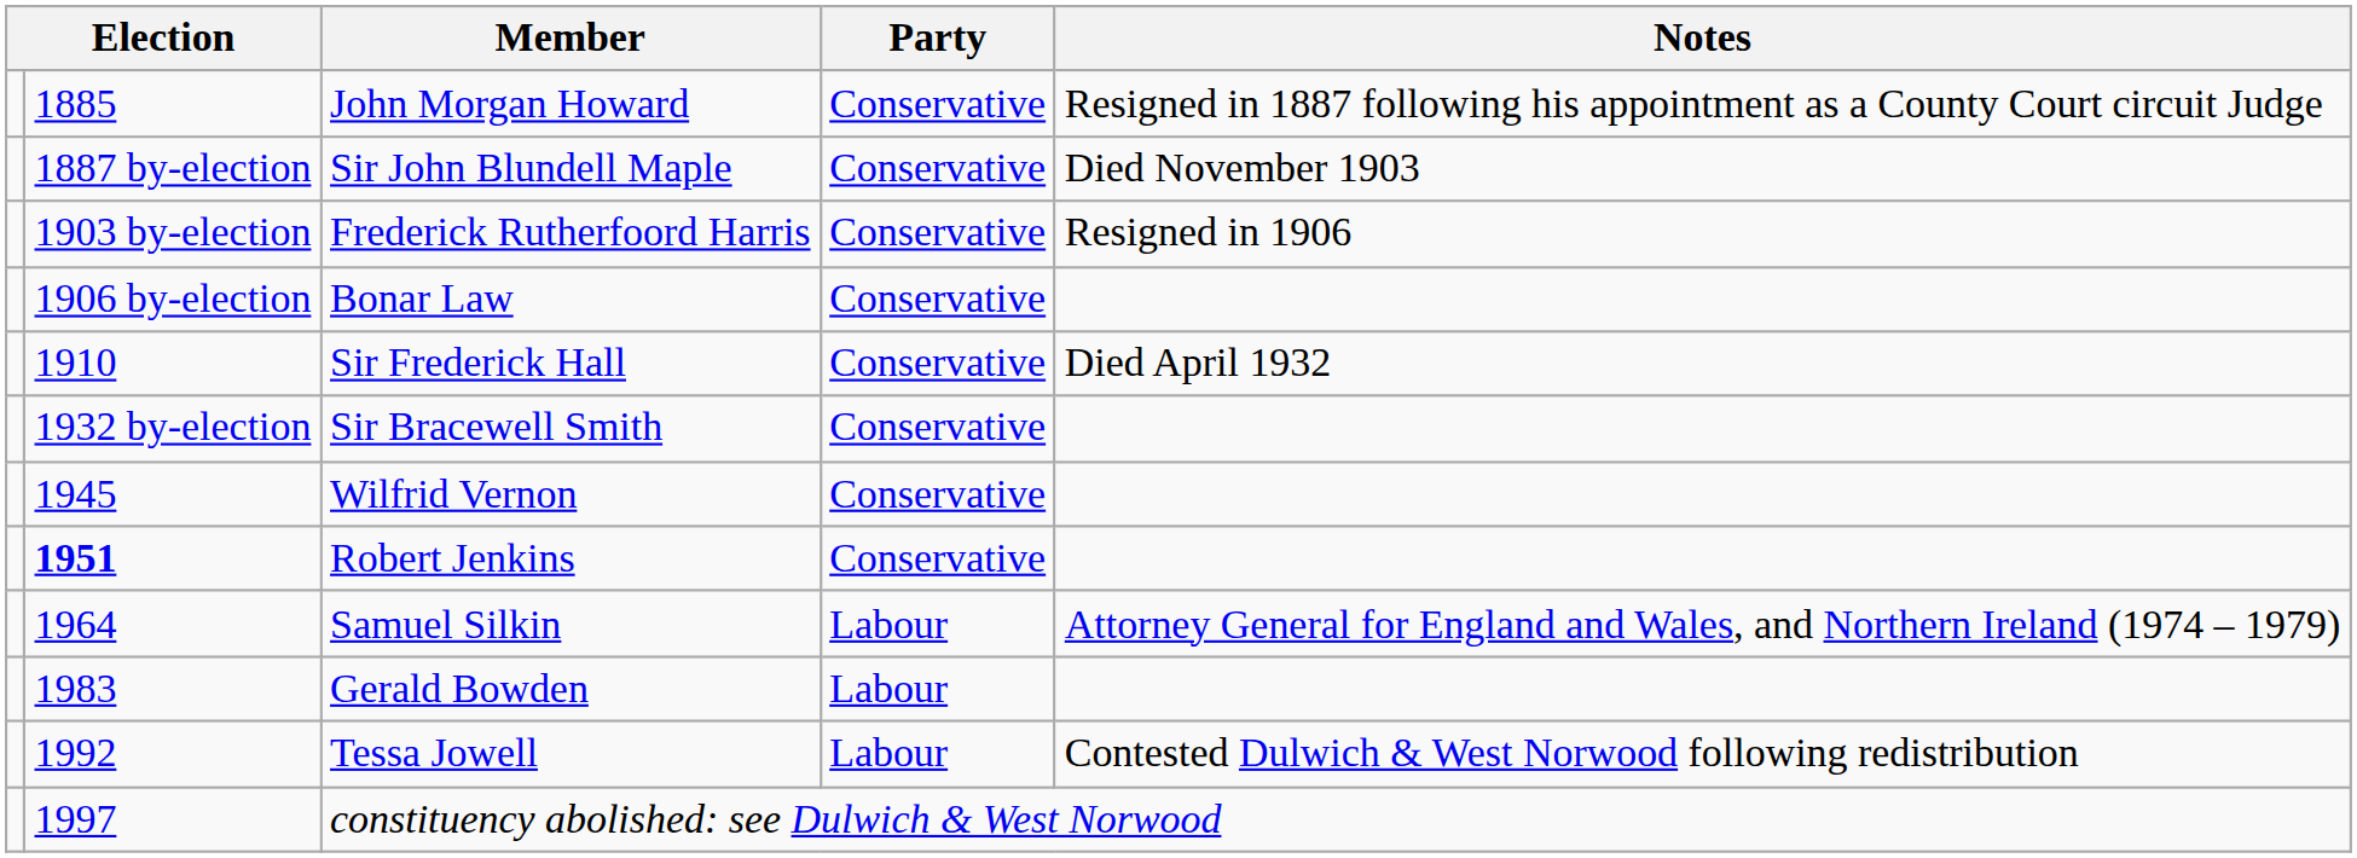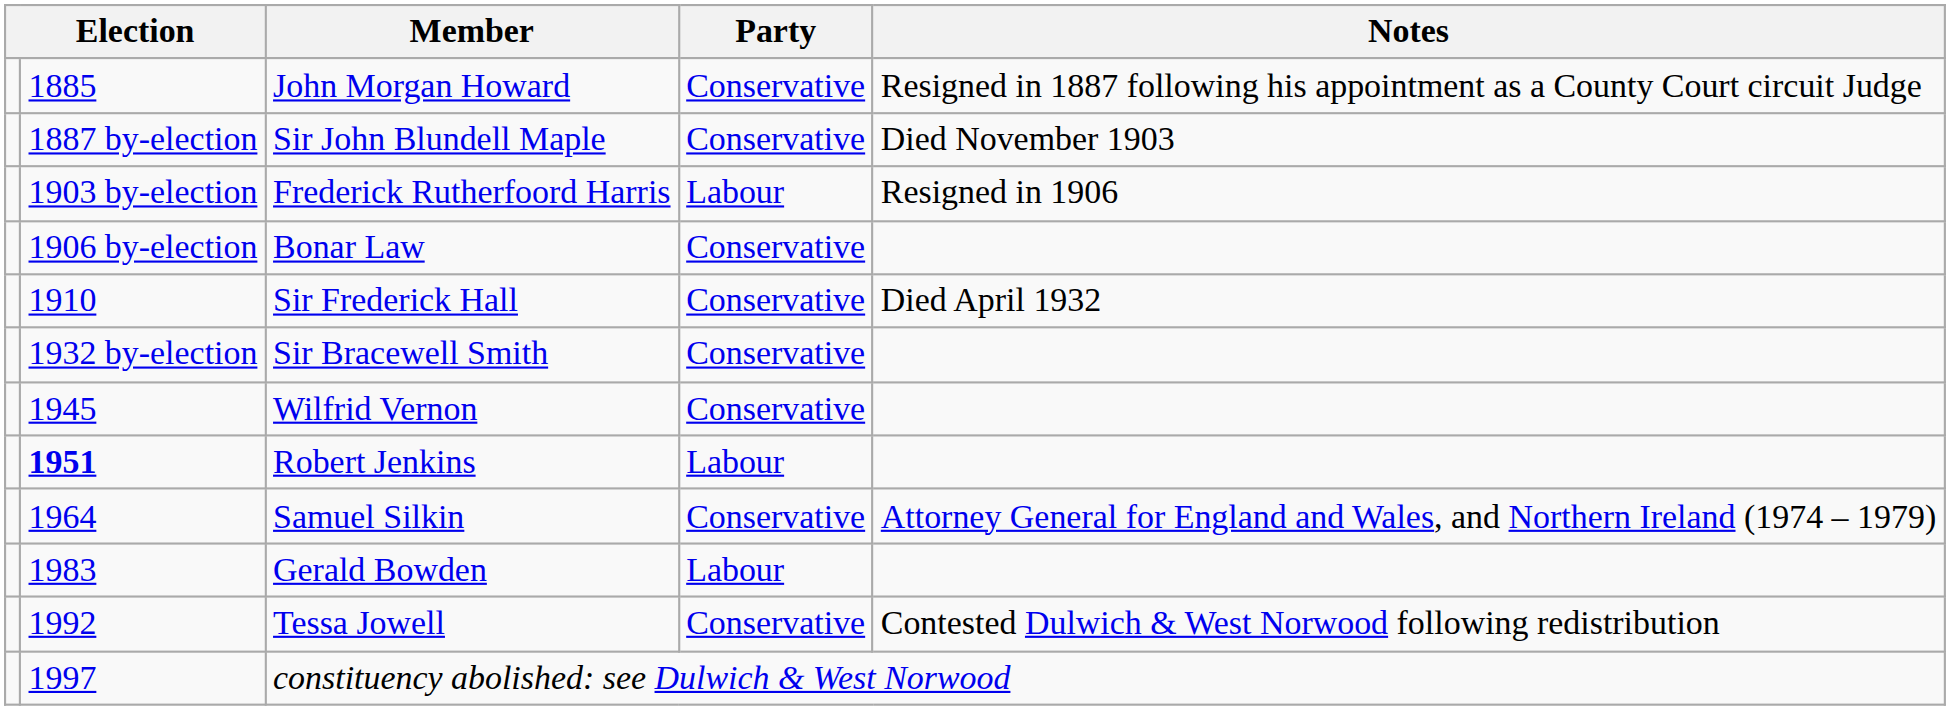 <table class="wikitable">
 <tr>
 <th colspan="2">Election</th>
 <th>Member</th>
 <th>Party</th>
 <th>Notes</th>
 </tr>
 <tr>
 <td style="color:inherit;background-color: "></td>
 <td><a href='#'>1885</a></td>
 <td><a href='#'>John Morgan Howard</a></td>
 <td><a href='#'>Conservative</a></td>
 <td>Resigned in 1887 following his appointment as a County Court circuit Judge</td>
 </tr>
 <tr>
 <td style="color:inherit;background-color: "></td>
 <td><a href='#'>1887 by-election</a></td>
 <td><a href='#'>Sir John Blundell Maple</a></td>
 <td><a href='#'>Conservative</a></td>
 <td>Died November 1903</td>
 </tr>
 <tr>
 <td style="color:inherit;background-color: "></td>
 <td><a href='#'>1903 by-election</a></td>
 <td><a href='#'>Frederick Rutherfoord Harris</a></td>
-<td><a href='#'>Conservative</a></td>
+<td><a href='#'>Labour</a></td>
 <td>Resigned in 1906</td>
 </tr>
 <tr>
 <td style="color:inherit;background-color: "></td>
 <td><a href='#'>1906 by-election</a></td>
 <td><a href='#'>Bonar Law</a></td>
 <td><a href='#'>Conservative</a></td>
 <td></td>
 </tr>
 <tr>
 <td style="color:inherit;background-color: "></td>
 <td><a href='#'>1910</a></td>
 <td><a href='#'>Sir Frederick Hall</a></td>
 <td><a href='#'>Conservative</a></td>
 <td>Died April 1932</td>
 </tr>
 <tr>
 <td style="color:inherit;background-color: "></td>
 <td><a href='#'>1932 by-election</a></td>
 <td><a href='#'>Sir Bracewell Smith</a></td>
 <td><a href='#'>Conservative</a></td>
 <td></td>
 </tr>
 <tr>
 <td style="color:inherit;background-color: "></td>
 <td><a href='#'>1945</a></td>
 <td><a href='#'>Wilfrid Vernon</a></td>
 <td><a href='#'>Conservative</a></td>
 <td></td>
 </tr>
 <tr>
 <td style="color:inherit;background-color: "></td>
 <td><strong><a href='#'>1951</a></strong></td>
 <td><a href='#'>Robert Jenkins</a></td>
-<td><a href='#'>Conservative</a></td>
+<td><a href='#'>Labour</a></td>
 <td></td>
 </tr>
 <tr>
 <td style="color:inherit;background-color: "></td>
 <td><a href='#'>1964</a></td>
 <td><a href='#'>Samuel Silkin</a></td>
-<td><a href='#'>Labour</a></td>
+<td><a href='#'>Conservative</a></td>
 <td><a href='#'>Attorney General for England and Wales</a>, and <a href='#'>Northern Ireland</a> (1974 – 1979)</td>
 </tr>
 <tr>
 <td style="color:inherit;background-color: "></td>
 <td><a href='#'>1983</a></td>
 <td><a href='#'>Gerald Bowden</a></td>
 <td><a href='#'>Labour</a></td>
 <td></td>
 </tr>
 <tr>
 <td style="color:inherit;background-color: "></td>
 <td><a href='#'>1992</a></td>
 <td><a href='#'>Tessa Jowell</a></td>
-<td><a href='#'>Labour</a></td>
+<td><a href='#'>Conservative</a></td>
 <td>Contested <a href='#'>Dulwich & West Norwood</a> following redistribution</td>
 </tr>
 <tr>
 <td></td>
 <td><a href='#'>1997</a></td>
 <td colspan="3"><em>constituency abolished: see <a href='#'>Dulwich & West Norwood</a></em></td>
 </tr>
 </table>
